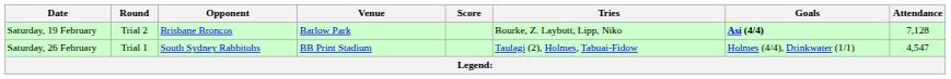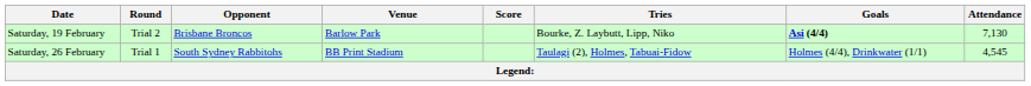 <table class="wikitable" style="font-size:75%;">
 <tr>
 <th style="width:120px;">Date</th>
 <th style="width:50px;">Round</th>
 <th style="width:160px;">Opponent</th>
 <th style="width:170px;">Venue</th>
 <th style="width:50px;">Score</th>
 <th style="width:270px;">Tries</th>
 <th style="width:190px;">Goals</th>
 <th style="width:60px;">Attendance</th>
 </tr>
 <tr style="background:#CCFFCC">
 <td>Saturday, 19 February</td>
 <td style="text-align:center;">Trial 2</td>
 <td> <a href='#'>Brisbane Broncos</a></td>
 <td><a href='#'>Barlow Park</a></td>
 <td style="text-align:center;"></td>
 <td>Bourke, Z. Laybutt, Lipp, Niko</td>
 <td><strong><a href='#'>Asi</a> (4/4)</strong></td>
-<td style="text-align:center;">7,128</td>
+<td style="text-align:center;">7,130</td>
 </tr>
 <tr style="background:#CCFFCC">
 <td>Saturday, 26 February</td>
 <td style="text-align:center;">Trial 1</td>
 <td> <a href='#'>South Sydney Rabbitohs</a></td>
 <td><a href='#'>BB Print Stadium</a></td>
 <td style="text-align:center;"></td>
 <td><a href='#'>Taulagi</a> (2), <a href='#'>Holmes</a>, <a href='#'>Tabuai-Fidow</a></td>
 <td><a href='#'>Holmes</a> (4/4), <a href='#'>Drinkwater</a> (1/1)</td>
-<td style="text-align:center;">4,547</td>
+<td style="text-align:center;">4,545</td>
 </tr>
 <tr>
 <th colspan="11"><strong>Legend</strong>:    </th>
 </tr>
 </table>
